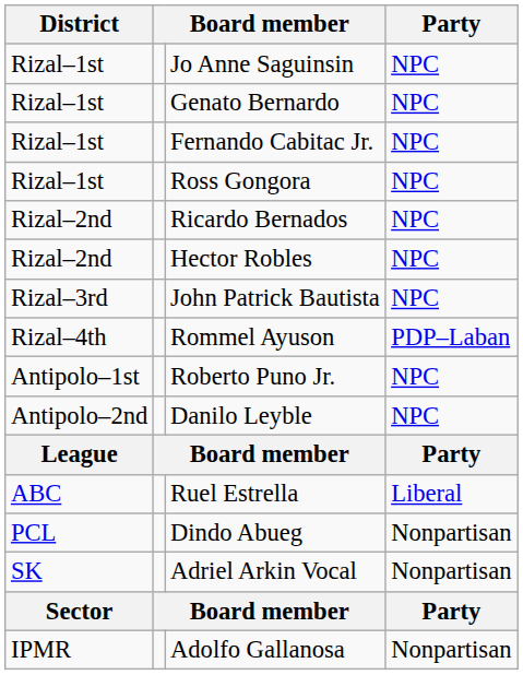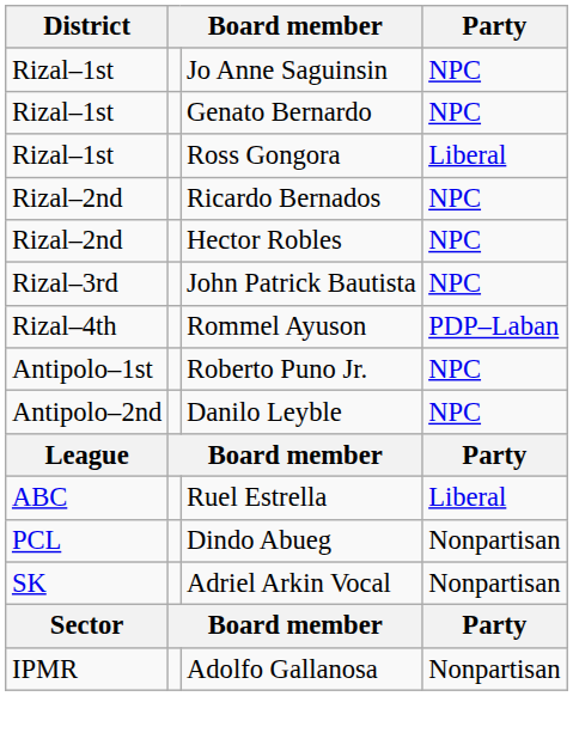 <table class="wikitable">
 <tr>
 <th>District</th>
 <th colspan="2">Board member</th>
 <th>Party</th>
 </tr>
 <tr>
 <td>Rizal–1st</td>
 <td></td>
 <td>Jo Anne Saguinsin</td>
 <td><a href='#'>NPC</a></td>
 </tr>
 <tr>
 <td>Rizal–1st</td>
 <td></td>
 <td>Genato Bernardo</td>
 <td><a href='#'>NPC</a></td>
 </tr>
 <tr>
 <td>Rizal–1st</td>
 <td></td>
-<td>Fernando Cabitac Jr.</td>
-<td><a href='#'>NPC</a></td>
-</tr>
-<tr>
-<td>Rizal–1st</td>
-<td></td>
 <td>Ross Gongora</td>
-<td><a href='#'>NPC</a></td>
+<td><a href='#'>Liberal</a></td>
 </tr>
 <tr>
 <td>Rizal–2nd</td>
 <td></td>
 <td>Ricardo Bernados</td>
 <td><a href='#'>NPC</a></td>
 </tr>
 <tr>
 <td>Rizal–2nd</td>
 <td></td>
 <td>Hector Robles</td>
 <td><a href='#'>NPC</a></td>
 </tr>
 <tr>
 <td>Rizal–3rd</td>
 <td></td>
 <td>John Patrick Bautista</td>
 <td><a href='#'>NPC</a></td>
 </tr>
 <tr>
 <td>Rizal–4th</td>
 <td></td>
 <td>Rommel Ayuson</td>
 <td><a href='#'>PDP–Laban</a></td>
 </tr>
 <tr>
 <td>Antipolo–1st</td>
 <td></td>
 <td>Roberto Puno Jr.</td>
 <td><a href='#'>NPC</a></td>
 </tr>
 <tr>
 <td>Antipolo–2nd</td>
 <td></td>
 <td>Danilo Leyble</td>
 <td><a href='#'>NPC</a></td>
 </tr>
 <tr>
 <th>League</th>
 <th colspan="2">Board member</th>
 <th>Party</th>
 </tr>
 <tr>
 <td><a href='#'>ABC</a></td>
 <td></td>
 <td>Ruel Estrella</td>
 <td><a href='#'>Liberal</a></td>
 </tr>
 <tr>
 <td><a href='#'>PCL</a></td>
 <td></td>
 <td>Dindo Abueg</td>
 <td>Nonpartisan</td>
 </tr>
 <tr>
 <td><a href='#'>SK</a></td>
 <td></td>
 <td>Adriel Arkin Vocal</td>
 <td>Nonpartisan</td>
 </tr>
 <tr>
 <th>Sector</th>
 <th colspan="2">Board member</th>
 <th>Party</th>
 </tr>
 <tr>
 <td>IPMR</td>
 <td></td>
 <td>Adolfo Gallanosa</td>
 <td>Nonpartisan</td>
 </tr>
 </table>
